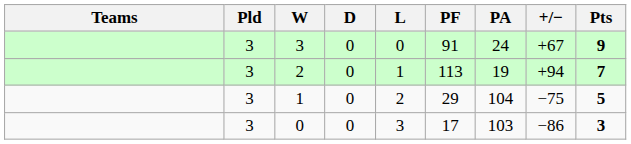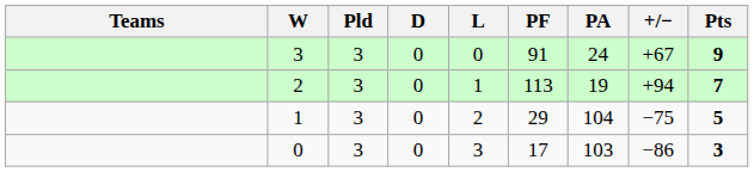 <table class="wikitable" style="text-align: center;">
 <tr>
 <th width="200">Teams</th>
+<th width="40">W</th>
 <th width="40">Pld</th>
-<th width="40">W</th>
 <th width="40">D</th>
 <th width="40">L</th>
 <th width="40">PF</th>
 <th width="40">PA</th>
 <th width="40">+/−</th>
 <th width="40">Pts</th>
 </tr>
 <tr style="background:#cfc; width:20px;">
 <td align=left></td>
 <td>3</td>
 <td>3</td>
 <td>0</td>
 <td>0</td>
 <td>91</td>
 <td>24</td>
 <td>+67</td>
 <td><strong>9</strong></td>
 </tr>
 <tr style="background:#cfc; width:20px;">
 <td align=left></td>
+<td>2</td>
 <td>3</td>
-<td>2</td>
 <td>0</td>
 <td>1</td>
 <td>113</td>
 <td>19</td>
 <td>+94</td>
 <td><strong>7</strong></td>
 </tr>
 <tr>
 <td align=left></td>
+<td>1</td>
 <td>3</td>
-<td>1</td>
 <td>0</td>
 <td>2</td>
 <td>29</td>
 <td>104</td>
 <td>−75</td>
 <td><strong>5</strong></td>
 </tr>
 <tr>
 <td align=left></td>
+<td>0</td>
 <td>3</td>
-<td>0</td>
 <td>0</td>
 <td>3</td>
 <td>17</td>
 <td>103</td>
 <td>−86</td>
 <td><strong>3</strong></td>
 </tr>
 </table>
